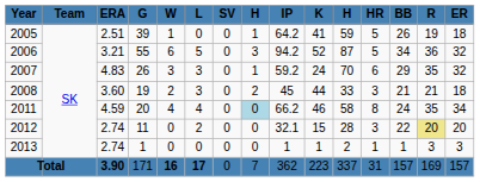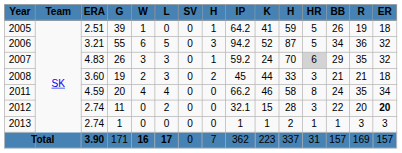 <table class="wikitable" style="text-align: center;">
 <tr bgcolor="#000000">
 <th style="background:#4682B4;" width="42"><span>Year </span></th>
 <th style="background:#4682B4;" width="65"><span>Team </span></th>
 <th style="background:#4682B4;" width="35"><span>ERA </span></th>
 <th style="background:#4682B4;" width="30"><span>G </span></th>
 <th style="background:#4682B4;" width="30"><span>W</span></th>
 <th style="background:#4682B4;" width="30"><span>L</span></th>
 <th style="background:#4682B4;" width="30"><span>SV</span></th>
 <th style="background:#4682B4;" width="30"><span>H</span></th>
 <th style="background:#4682B4;" width="40"><span>IP </span></th>
 <th style="background:#4682B4;" width="30"><span>K </span></th>
 <th style="background:#4682B4;" width="30"><span>H </span></th>
 <th style="background:#4682B4;" width="30"><span>HR </span></th>
 <th style="background:#4682B4;" width="30"><span>BB </span></th>
 <th style="background:#4682B4;" width="30"><span>R </span></th>
 <th style="background:#4682B4;" width="30"><span>ER</span></th>
 </tr>
 <tr>
 <td>2005</td>
 <td rowspan="8" style="text-align:center;"><a href='#'>SK</a></td>
 <td>2.51</td>
 <td>39</td>
 <td>1</td>
 <td>0</td>
 <td>0</td>
 <td>1</td>
 <td>64.2</td>
 <td>41</td>
 <td>59</td>
 <td>5</td>
 <td>26</td>
 <td>19</td>
 <td>18</td>
 </tr>
 <tr>
 <td>2006</td>
 <td>3.21</td>
 <td>55</td>
 <td>6</td>
 <td>5</td>
 <td>0</td>
 <td>3</td>
 <td>94.2</td>
 <td>52</td>
 <td>87</td>
 <td>5</td>
 <td>34</td>
 <td>36</td>
 <td>32</td>
 </tr>
 <tr>
 <td>2007</td>
 <td>4.83</td>
 <td>26</td>
 <td>3</td>
 <td>3</td>
 <td>0</td>
 <td>1</td>
 <td>59.2</td>
 <td>24</td>
 <td>70</td>
-<td>6</td>
+<td style="background: lightgrey;">6</td>
 <td>29</td>
 <td>35</td>
 <td>32</td>
 </tr>
 <tr>
 <td>2008</td>
 <td>3.60</td>
 <td>19</td>
 <td>2</td>
 <td>3</td>
 <td>0</td>
 <td>2</td>
 <td>45</td>
 <td>44</td>
 <td>33</td>
 <td>3</td>
 <td>21</td>
 <td>21</td>
 <td>18</td>
 </tr>
 <tr>
 <td>2011</td>
 <td>4.59</td>
 <td>20</td>
 <td>4</td>
 <td>4</td>
 <td>0</td>
-<td style="background: lightblue;">0</td>
+<td>0</td>
 <td>66.2</td>
 <td>46</td>
 <td>58</td>
 <td>8</td>
 <td>24</td>
 <td>35</td>
 <td>34</td>
 </tr>
 <tr>
 <td>2012</td>
 <td>2.74</td>
 <td>11</td>
 <td>0</td>
 <td>2</td>
 <td>0</td>
 <td>0</td>
 <td>32.1</td>
 <td>15</td>
 <td>28</td>
 <td>3</td>
 <td>22</td>
-<td style="background: khaki;">20</td>
 <td>20</td>
+<td><strong>20</strong></td>
 </tr>
 <tr>
 <td>2013</td>
 <td>2.74</td>
 <td>1</td>
 <td>0</td>
 <td>0</td>
 <td>0</td>
 <td>0</td>
 <td>1</td>
 <td>1</td>
 <td>2</td>
 <td>1</td>
 <td>1</td>
 <td>3</td>
 <td>3</td>
 </tr>
 <tr bgcolor = "#4682B4">
 <td colspan="2"><span><strong> Total</strong></span></td>
 <td><span><strong>3.90</strong></span></td>
 <td><span>171</span></td>
 <td><span><strong>16</strong></span></td>
 <td><span><strong>17</strong></span></td>
 <td><span>0</span></td>
 <td><span>7</span></td>
 <td><span>362</span></td>
 <td><span>223</span></td>
 <td><span>337</span></td>
 <td><span>31</span></td>
 <td><span>157</span></td>
 <td><span>169</span></td>
 <td><span>157</span></td>
 </tr>
 </table>
